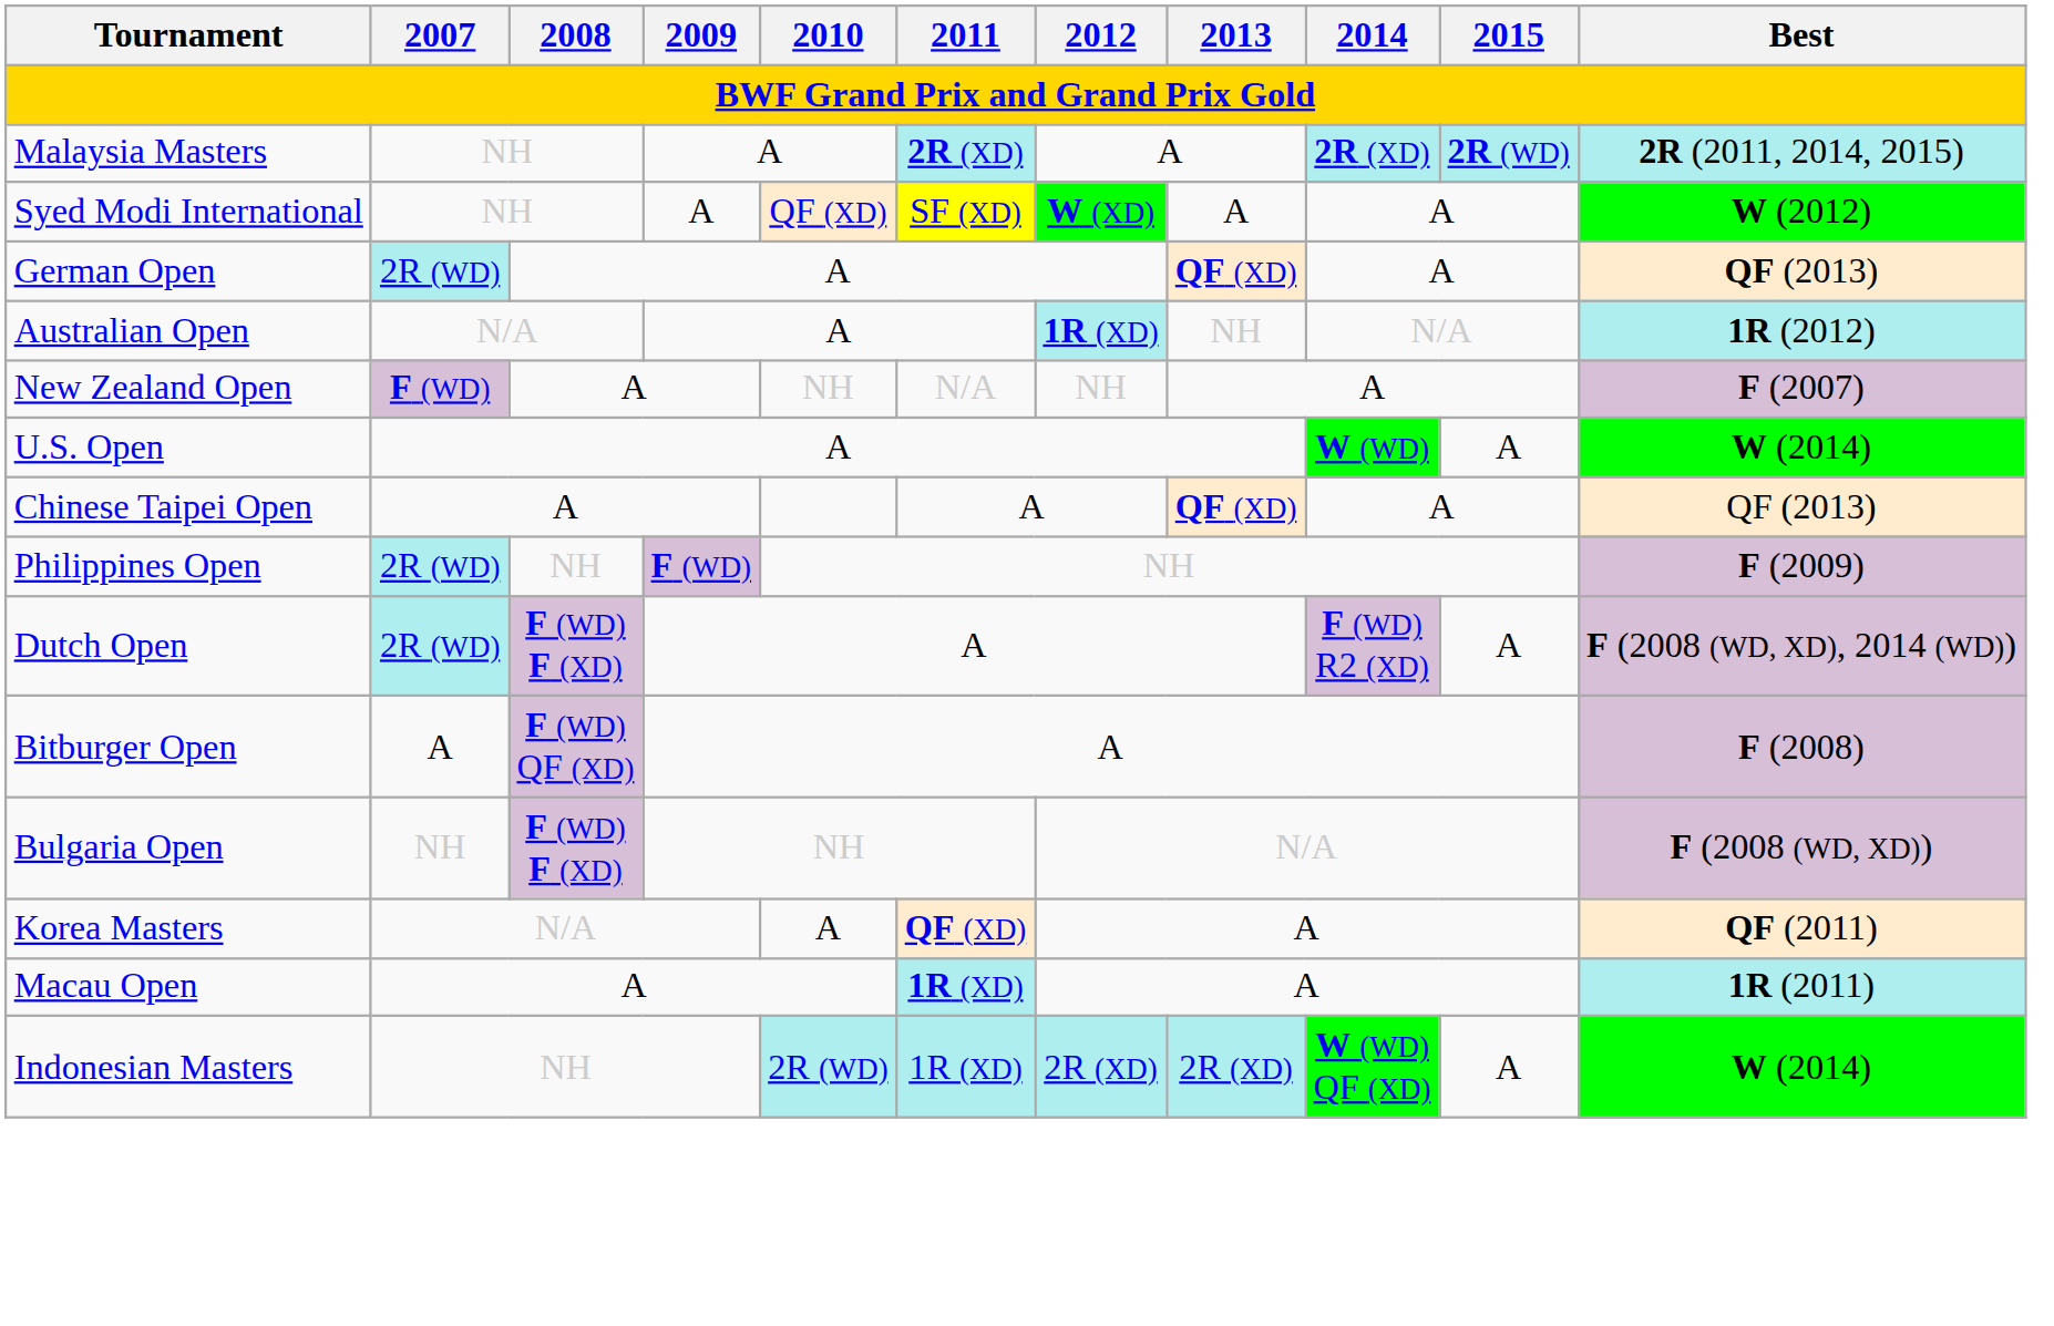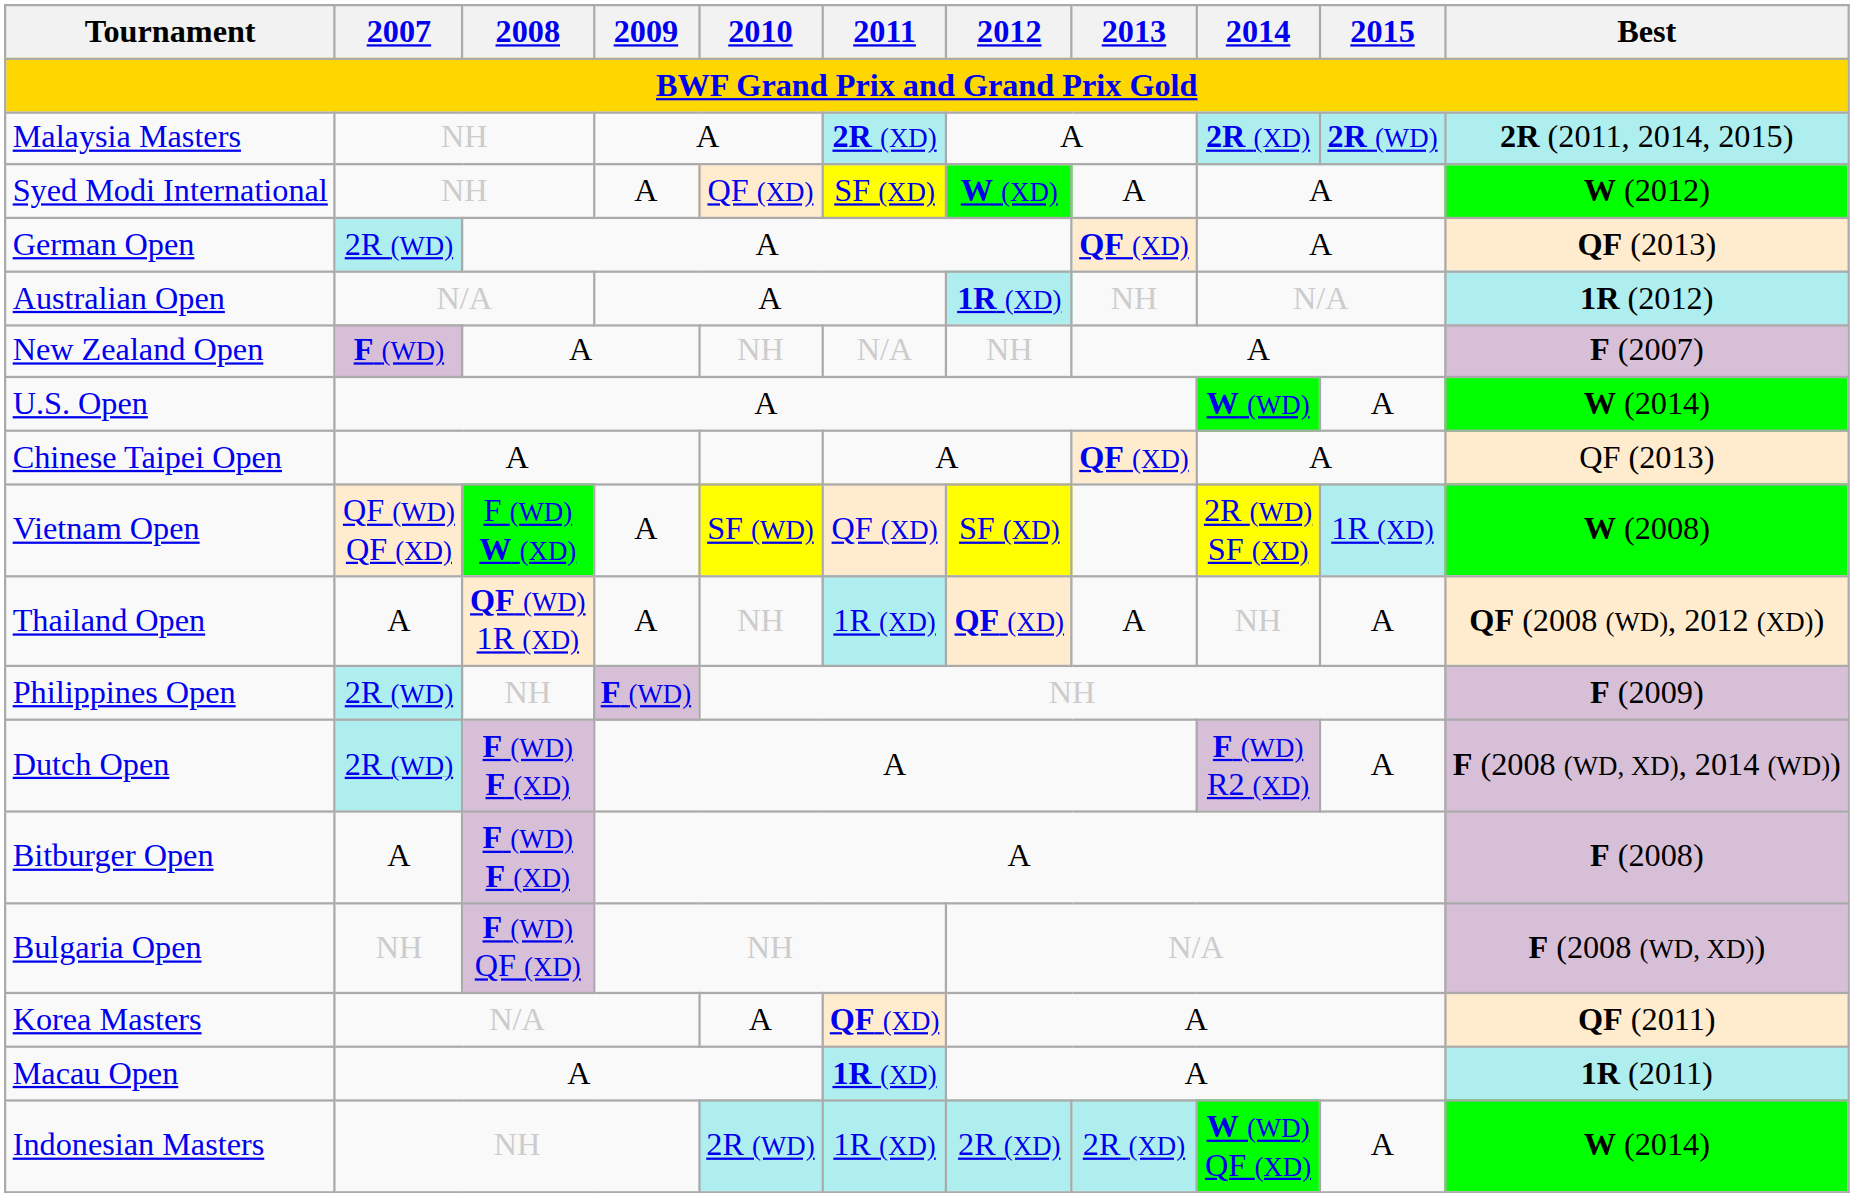 <table class="wikitable" style="font-size: 90%; text-align:center">
 <tr>
 <th>Tournament</th>
 <th><a href='#'>2007</a></th>
 <th><a href='#'>2008</a></th>
 <th><a href='#'>2009</a></th>
 <th><a href='#'>2010</a></th>
 <th><a href='#'>2011</a></th>
 <th><a href='#'>2012</a></th>
 <th><a href='#'>2013</a></th>
 <th><a href='#'>2014</a></th>
 <th><a href='#'>2015</a></th>
 <th>Best</th>
 </tr>
 <tr bgcolor=FFD700>
 <td colspan="11" align=center><strong><a href='#'>BWF Grand Prix and Grand Prix Gold</a></strong></td>
 </tr>
 <tr>
 <td align=left><a href='#'>Malaysia Masters</a></td>
 <td colspan="2" style=color:#ccc>NH</td>
 <td colspan="2">A</td>
 <td bgcolor=AFEEEE><a href='#'><strong>2R</strong> <small>(XD)</small></a></td>
 <td colspan="2">A</td>
 <td bgcolor=AFEEEE><a href='#'><strong>2R</strong> <small>(XD)</small></a></td>
 <td bgcolor=AFEEEE><a href='#'><strong>2R</strong> <small>(WD)</small></a></td>
 <td bgcolor=AFEEEE><strong>2R</strong> (2011, 2014, 2015)</td>
 </tr>
 <tr>
 <td align=left><a href='#'>Syed Modi International</a></td>
 <td colspan="2" style="color:#ccc;">NH</td>
 <td>A</td>
 <td bgcolor=FFEBCD><a href='#'>QF <small>(XD)</small></a></td>
 <td bgcolor=FFFF00><a href='#'>SF <small>(XD)</small></a></td>
 <td bgcolor=00FF00><a href='#'><strong>W</strong> <small>(XD)</small></a></td>
 <td>A</td>
 <td colspan="2">A</td>
 <td bgcolor=00FF00><strong>W</strong> (2012)</td>
 </tr>
 <tr>
 <td align=left><a href='#'>German Open</a></td>
 <td bgcolor=AFEEEE><a href='#'>2R <small>(WD)</small></a></td>
 <td colspan="5">A</td>
 <td bgcolor=FFEBCD><a href='#'><strong>QF</strong> <small>(XD)</small></a></td>
 <td colspan="2">A</td>
 <td bgcolor=FFEBCD><strong>QF</strong> (2013)</td>
 </tr>
 <tr>
 <td align=left><a href='#'>Australian Open</a></td>
 <td colspan="2" style="color:#ccc;">N/A</td>
 <td colspan="3">A</td>
 <td bgcolor=AFEEEE><a href='#'><strong>1R</strong> <small>(XD)</small></a></td>
 <td style="color:#ccc;">NH</td>
 <td colspan="2" style="color:#ccc;">N/A</td>
 <td bgcolor=AFEEEE><strong>1R</strong> (2012)</td>
 </tr>
 <tr>
 <td align=left><a href='#'>New Zealand Open</a></td>
 <td bgcolor=D8BFD8><a href='#'><strong>F</strong> <small>(WD)</small></a></td>
 <td colspan="2">A</td>
 <td style="color:#ccc;">NH</td>
 <td style="color:#ccc;">N/A</td>
 <td style="color:#ccc;">NH</td>
 <td colspan="3">A</td>
 <td bgcolor=D8BFD8><strong>F</strong> (2007)</td>
 </tr>
 <tr>
 <td align=left><a href='#'>U.S. Open</a></td>
 <td colspan="7">A</td>
 <td bgcolor=00FF00><a href='#'><strong>W</strong> <small>(WD)</small></a></td>
 <td>A</td>
 <td bgcolor=00FF00><strong>W</strong> (2014)</td>
 </tr>
 <tr>
 <td align=left><a href='#'>Chinese Taipei Open</a></td>
 <td colspan="3">A</td>
 <td></td>
 <td colspan="2">A</td>
 <td bgcolor=FFEBCD><a href='#'><strong>QF</strong> <small>(XD)</small></a></td>
 <td colspan="2">A</td>
 <td bgcolor=FFEBCD>QF (2013)</td>
 </tr>
 <tr>
+<td align=left><a href='#'>Vietnam Open</a></td>
+<td bgcolor=FFEBCD><a href='#'>QF <small>(WD)</small></a><br><a href='#'>QF <small>(XD)</small></a></td>
+<td bgcolor=00FF00><a href='#'>F <small>(WD)</small></a><br><a href='#'><strong>W</strong> <small>(XD)</small></a></td>
+<td>A</td>
+<td bgcolor=FFFF00><a href='#'>SF <small>(WD)</small></a></td>
+<td bgcolor=FFEBCD><a href='#'>QF <small>(XD)</small></a></td>
+<td bgcolor=FFFF00><a href='#'>SF <small>(XD)</small></a></td>
+<td></td>
+<td bgcolor=FFFF00><a href='#'>2R <small>(WD)</small></a> <br> <a href='#'>SF <small>(XD)</small></a></td>
+<td bgcolor=AFEEEE><a href='#'>1R <small>(XD)</small></a></td>
+<td bgcolor=00FF00><strong>W</strong> (2008)</td>
+</tr>
+<tr>
+<td align=left><a href='#'>Thailand Open</a></td>
+<td>A</td>
+<td bgcolor=FFEBCD><a href='#'><strong>QF</strong> <small>(WD)</small></a><br><a href='#'>1R <small>(XD)</small></a></td>
+<td>A</td>
+<td style="color:#ccc;">NH</td>
+<td bgcolor=AFEEEE><a href='#'>1R <small>(XD)</small></a></td>
+<td bgcolor=FFEBCD><a href='#'><strong>QF</strong> <small>(XD)</small></a></td>
+<td>A</td>
+<td style="color:#ccc;">NH</td>
+<td>A</td>
+<td bgcolor=FFEBCD><strong>QF</strong> (2008 <small>(WD)</small>, 2012 <small>(XD)</small>)</td>
+</tr>
+<tr>
 <td align=left><a href='#'>Philippines Open</a></td>
 <td bgcolor=AFEEEE><a href='#'>2R <small>(WD)</small></a></td>
 <td style="color:#ccc;">NH</td>
 <td bgcolor=D8BFD8><a href='#'><strong>F</strong> <small>(WD)</small></a></td>
 <td colspan="6" style="color:#ccc;">NH</td>
 <td bgcolor=D8BFD8><strong>F</strong> (2009)</td>
 </tr>
 <tr>
 <td align=left><a href='#'>Dutch Open</a></td>
 <td bgcolor=AFEEEE><a href='#'>2R <small>(WD)</small></a></td>
 <td bgcolor=D8BFD8><a href='#'><strong>F</strong> <small>(WD)</small></a><br><a href='#'><strong>F</strong> <small>(XD)</small></a></td>
 <td colspan="5">A</td>
 <td bgcolor=D8BFD8><a href='#'><strong>F</strong> <small>(WD)</small></a> <br> <a href='#'>R2 <small>(XD)</small></a></td>
 <td>A</td>
 <td bgcolor=D8BFD8><strong>F</strong> (2008 <small>(WD, XD)</small>, 2014 <small>(WD)</small>)</td>
 </tr>
 <tr>
 <td align=left><a href='#'>Bitburger Open</a></td>
 <td>A</td>
-<td bgcolor=D8BFD8><a href='#'><strong>F</strong> <small>(WD)</small></a><br><a href='#'>QF <small>(XD)</small></a></td>
+<td bgcolor=D8BFD8><a href='#'><strong>F</strong> <small>(WD)</small></a><br><a href='#'><strong>F</strong> <small>(XD)</small></a></td>
 <td colspan="7">A</td>
 <td bgcolor=D8BFD8><strong>F</strong> (2008)</td>
 </tr>
 <tr>
 <td align=left><a href='#'>Bulgaria Open</a></td>
 <td style="color:#ccc;">NH</td>
-<td bgcolor=D8BFD8><a href='#'><strong>F</strong> <small>(WD)</small></a><br><a href='#'><strong>F</strong> <small>(XD)</small></a></td>
+<td bgcolor=D8BFD8><a href='#'><strong>F</strong> <small>(WD)</small></a><br><a href='#'>QF <small>(XD)</small></a></td>
 <td colspan="3" style="color:#ccc;">NH</td>
 <td colspan="4" style="color:#ccc;">N/A</td>
 <td bgcolor=D8BFD8><strong>F</strong> (2008 <small>(WD, XD)</small>)</td>
 </tr>
 <tr>
 <td align=left><a href='#'>Korea Masters</a></td>
 <td colspan="3" style="color:#ccc;">N/A</td>
 <td>A</td>
 <td bgcolor=FFEBCD><a href='#'><strong>QF</strong> <small>(XD)</small></a></td>
 <td colspan="4">A</td>
 <td bgcolor=FFEBCD><strong>QF</strong> (2011)</td>
 </tr>
 <tr>
 <td align=left><a href='#'>Macau Open</a></td>
 <td colspan="4">A</td>
 <td bgcolor=AFEEEE><a href='#'><strong>1R</strong> <small>(XD)</small></a></td>
 <td colspan="4">A</td>
 <td bgcolor=AFEEEE><strong>1R</strong> (2011)</td>
 </tr>
 <tr>
 <td align=left><a href='#'>Indonesian Masters</a></td>
 <td colspan="3" style="color:#ccc;">NH</td>
 <td bgcolor=AFEEEE><a href='#'>2R <small>(WD)</small></a></td>
 <td bgcolor=AFEEEE><a href='#'>1R <small>(XD)</small></a></td>
 <td bgcolor=AFEEEE><a href='#'>2R <small>(XD)</small></a></td>
 <td bgcolor=AFEEEE><a href='#'>2R <small>(XD)</small></a></td>
 <td bgcolor=00FF00><a href='#'><strong>W</strong> <small>(WD)</small></a> <br> <a href='#'>QF <small>(XD)</small></a></td>
 <td>A</td>
 <td bgcolor=00FF00><strong>W</strong> (2014)</td>
 </tr>
 </table>
